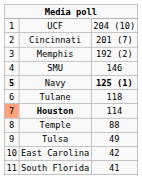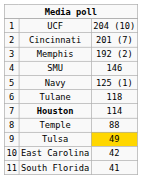 <table class="wikitable">
 <tr align="center">
 <td align="center" Colspan="3"><strong>Media poll</strong></td>
 </tr>
 <tr align="center">
 </tr>
 <tr align="center">
 <td>1</td>
 <td>UCF</td>
 <td>204 (10)</td>
 </tr>
 <tr align="center">
 <td>2</td>
 <td>Cincinnati</td>
 <td>201 (7)</td>
 </tr>
 <tr align="center">
 <td>3</td>
 <td>Memphis</td>
 <td>192 (2)</td>
 </tr>
 <tr align="center">
 <td>4</td>
 <td>SMU</td>
 <td>146</td>
 </tr>
 <tr align="center">
-<td><strong>5</strong></td>
+<td>5</td>
 <td>Navy</td>
-<td><strong>125 (1)</strong></td>
+<td>125 (1)</td>
 </tr>
 <tr align="center">
 <td>6</td>
 <td>Tulane</td>
 <td>118</td>
 </tr>
 <tr align="center">
-<td style="background: lightsalmon;">7</td>
+<td>7</td>
 <td><strong>Houston</strong></td>
 <td>114</td>
 </tr>
 <tr align="center">
 <td>8</td>
 <td>Temple</td>
 <td>88</td>
 </tr>
 <tr align="center">
 <td>9</td>
 <td>Tulsa</td>
-<td>49</td>
+<td style="background: gold;">49</td>
 </tr>
 <tr align="center">
 <td>10</td>
 <td>East Carolina</td>
 <td>42</td>
 </tr>
 <tr align="center">
 <td>11</td>
 <td>South Florida</td>
 <td>41</td>
 </tr>
 </table>
